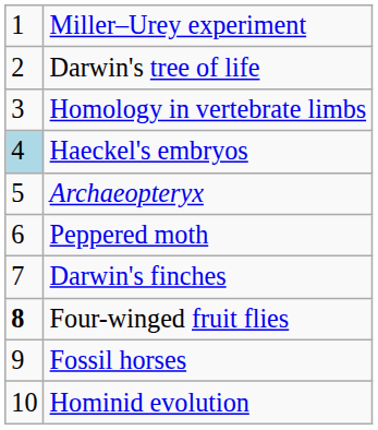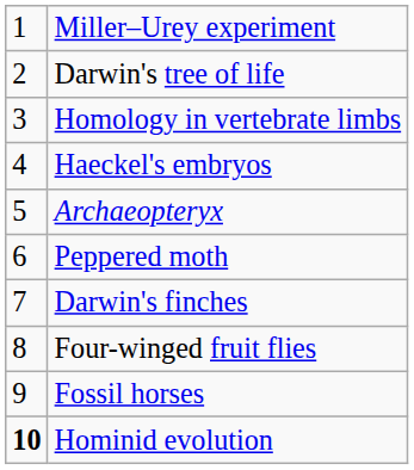 <table class="wikitable">
 <tr>
 <td>1</td>
 <td><a href='#'>Miller&ndash;Urey experiment</a></td>
 </tr>
 <tr>
 <td>2</td>
 <td>Darwin's <a href='#'>tree of life</a></td>
 </tr>
 <tr>
 <td>3</td>
 <td><a href='#'>Homology in vertebrate limbs</a></td>
 </tr>
 <tr>
-<td style="background: lightblue;">4</td>
+<td>4</td>
 <td><a href='#'>Haeckel's embryos</a></td>
 </tr>
 <tr>
 <td>5</td>
 <td><em><a href='#'>Archaeopteryx</a></em></td>
 </tr>
 <tr>
 <td>6</td>
 <td><a href='#'>Peppered moth</a></td>
 </tr>
 <tr>
 <td>7</td>
 <td><a href='#'>Darwin's finches</a></td>
 </tr>
 <tr>
-<td><strong>8</strong></td>
+<td>8</td>
 <td>Four-winged <a href='#'>fruit flies</a></td>
 </tr>
 <tr>
 <td>9</td>
 <td><a href='#'>Fossil horses</a></td>
 </tr>
 <tr>
-<td>10</td>
+<td><strong>10</strong></td>
 <td><a href='#'>Hominid evolution</a></td>
 </tr>
 </table>
